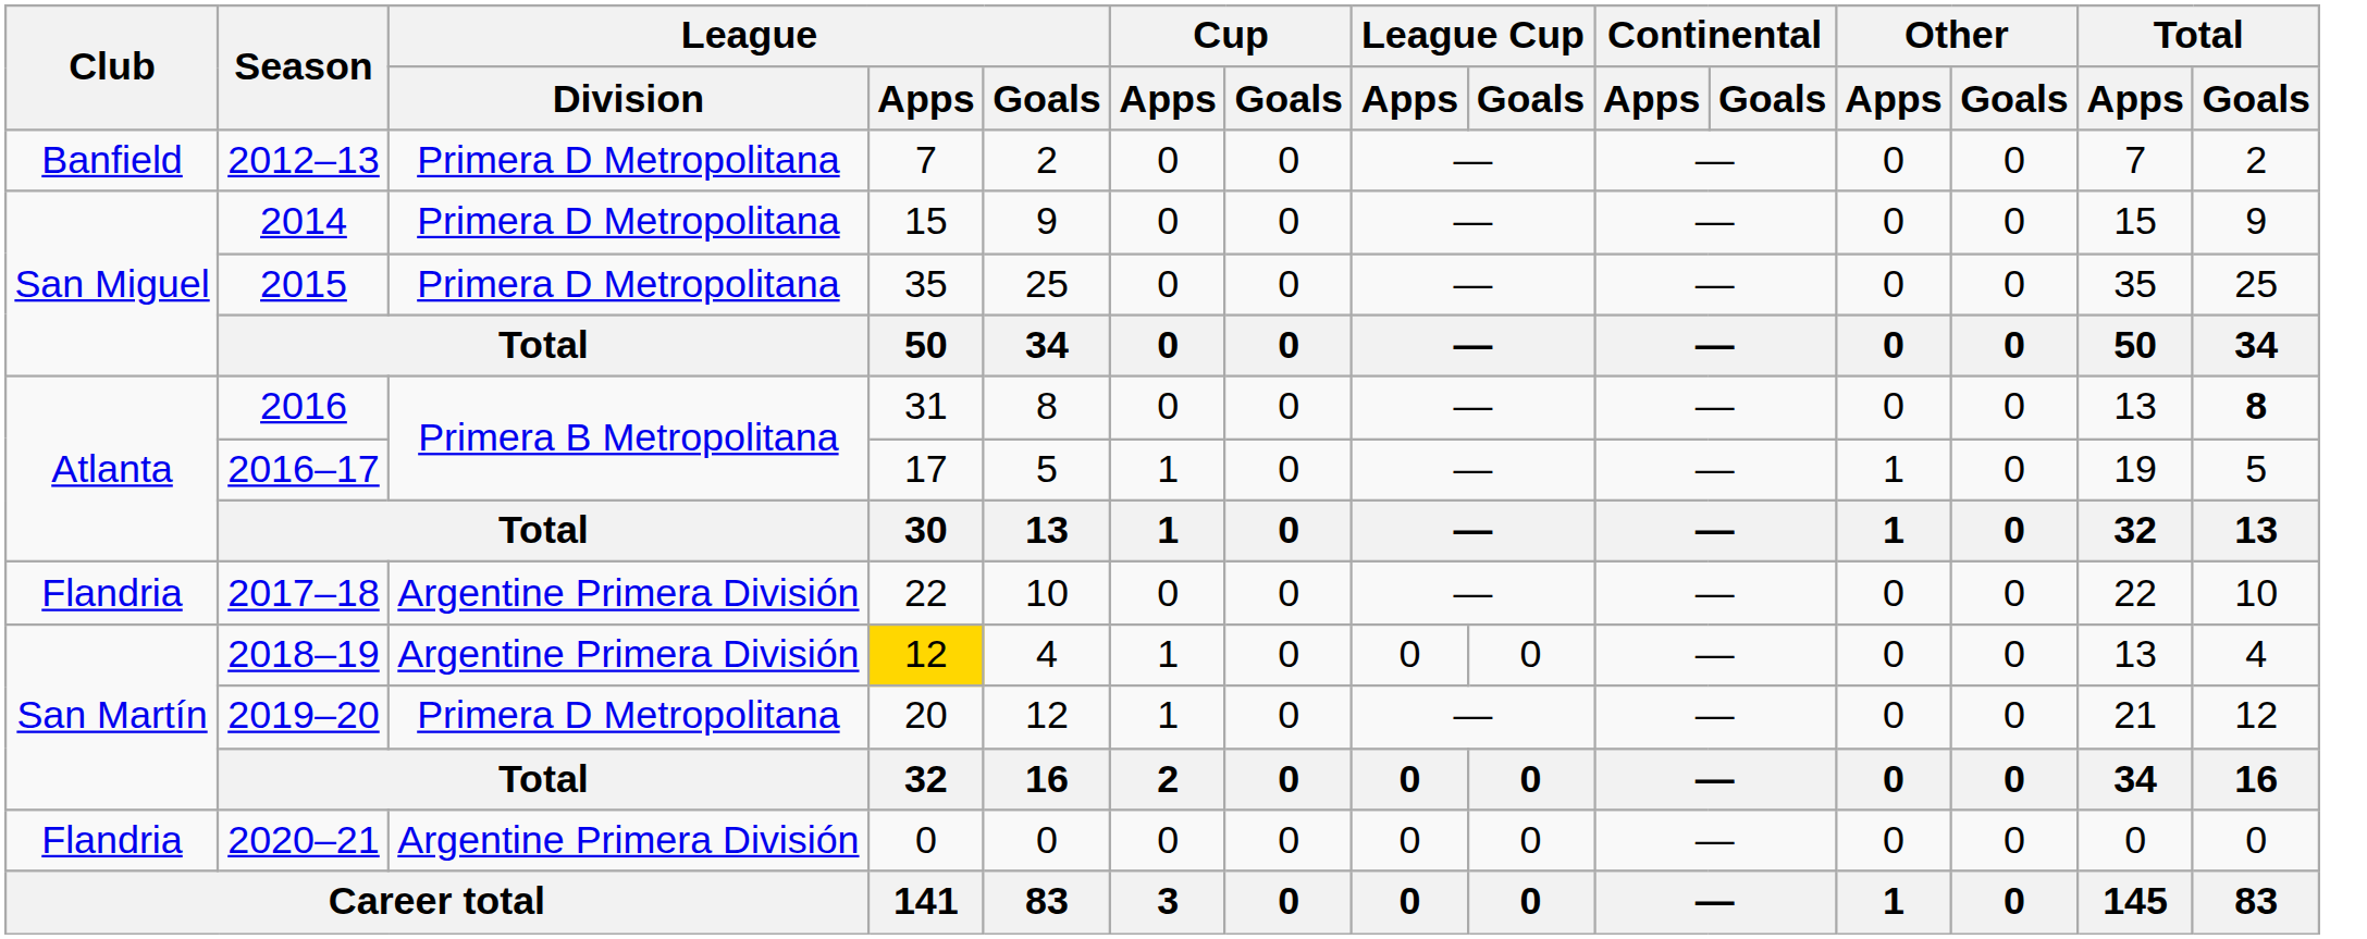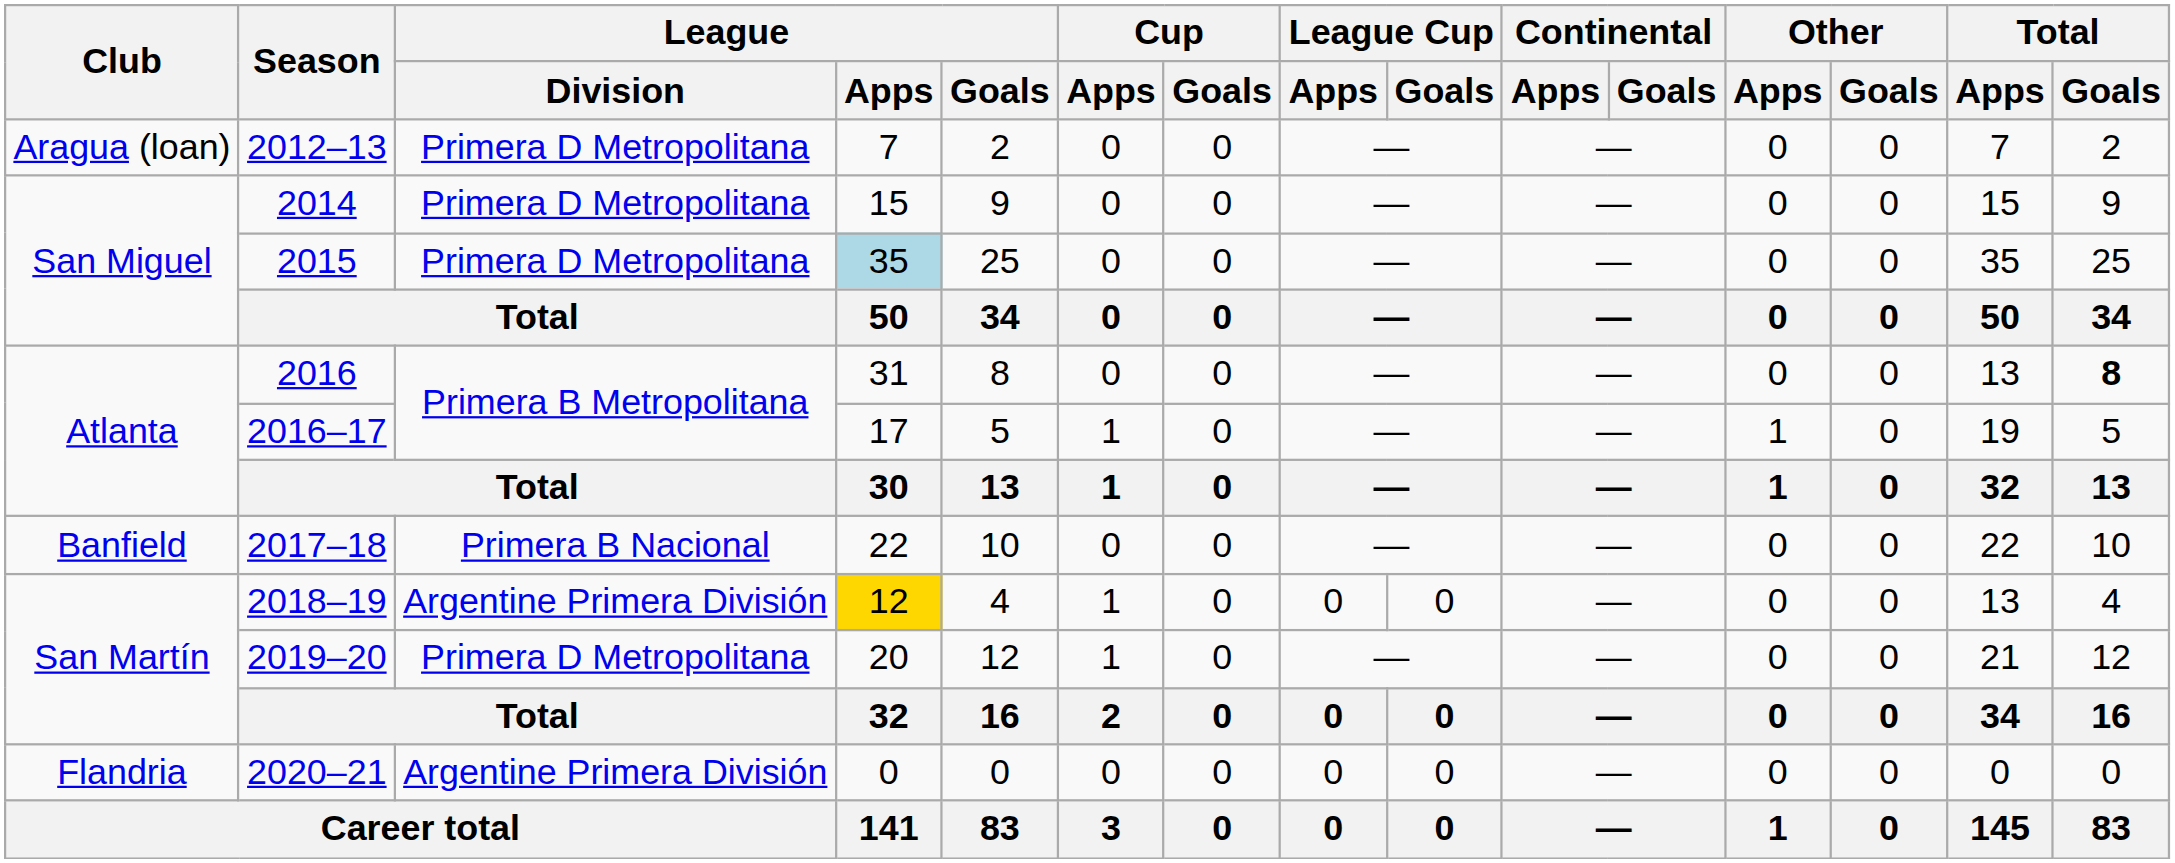 <table class="wikitable" style="text-align:center">
 <tr>
 <th rowspan="2">Club</th>
 <th rowspan="2">Season</th>
 <th colspan="3">League</th>
 <th colspan="2">Cup</th>
 <th colspan="2">League Cup</th>
 <th colspan="2">Continental</th>
 <th colspan="2">Other</th>
 <th colspan="2">Total</th>
 </tr>
 <tr>
 <th>Division</th>
 <th>Apps</th>
 <th>Goals</th>
 <th>Apps</th>
 <th>Goals</th>
 <th>Apps</th>
 <th>Goals</th>
 <th>Apps</th>
 <th>Goals</th>
 <th>Apps</th>
 <th>Goals</th>
 <th>Apps</th>
 <th>Goals</th>
 </tr>
 <tr>
-<td rowspan="1"><a href='#'>Banfield</a></td>
+<td rowspan="1"><a href='#'>Aragua</a> (loan)</td>
 <td><a href='#'>2012–13</a></td>
 <td rowspan="1"><a href='#'>Primera D Metropolitana</a></td>
 <td>7</td>
 <td>2</td>
 <td>0</td>
 <td>0</td>
 <td colspan="2">—</td>
 <td colspan="2">—</td>
 <td>0</td>
 <td>0</td>
 <td>7</td>
 <td>2</td>
 </tr>
 <tr>
 <td rowspan="3"><a href='#'>San Miguel</a></td>
 <td><a href='#'>2014</a></td>
 <td rowspan="1"><a href='#'>Primera D Metropolitana</a></td>
 <td>15</td>
 <td>9</td>
 <td>0</td>
 <td>0</td>
 <td colspan="2">—</td>
 <td colspan="2">—</td>
 <td>0</td>
 <td>0</td>
 <td>15</td>
 <td>9</td>
 </tr>
 <tr>
 <td><a href='#'>2015</a></td>
 <td rowspan="1"><a href='#'>Primera D Metropolitana</a></td>
-<td>35</td>
+<td style="background: lightblue;">35</td>
 <td>25</td>
 <td>0</td>
 <td>0</td>
 <td colspan="2">—</td>
 <td colspan="2">—</td>
 <td>0</td>
 <td>0</td>
 <td>35</td>
 <td>25</td>
 </tr>
 <tr>
 <th colspan="2">Total</th>
 <th>50</th>
 <th>34</th>
 <th>0</th>
 <th>0</th>
 <th colspan="2">—</th>
 <th colspan="2">—</th>
 <th>0</th>
 <th>0</th>
 <th>50</th>
 <th>34</th>
 </tr>
 <tr>
 <td rowspan="3"><a href='#'>Atlanta</a></td>
 <td><a href='#'>2016</a></td>
 <td rowspan="2"><a href='#'>Primera B Metropolitana</a></td>
 <td>31</td>
 <td>8</td>
 <td>0</td>
 <td>0</td>
 <td colspan="2">—</td>
 <td colspan="2">—</td>
 <td>0</td>
 <td>0</td>
 <td>13</td>
 <td><strong>8</strong></td>
 </tr>
 <tr>
 <td><a href='#'>2016–17</a></td>
 <td>17</td>
 <td>5</td>
 <td>1</td>
 <td>0</td>
 <td colspan="2">—</td>
 <td colspan="2">—</td>
 <td>1</td>
 <td>0</td>
 <td>19</td>
 <td>5</td>
 </tr>
 <tr>
 <th colspan="2">Total</th>
 <th>30</th>
 <th>13</th>
 <th>1</th>
 <th>0</th>
 <th colspan="2">—</th>
 <th colspan="2">—</th>
 <th>1</th>
 <th>0</th>
 <th>32</th>
 <th>13</th>
 </tr>
 <tr>
-<td rowspan="1"><a href='#'>Flandria</a></td>
+<td rowspan="1"><a href='#'>Banfield</a></td>
 <td><a href='#'>2017–18</a></td>
-<td rowspan="1"><a href='#'>Argentine Primera División</a></td>
+<td rowspan="1"><a href='#'>Primera B Nacional</a></td>
 <td>22</td>
 <td>10</td>
 <td>0</td>
 <td>0</td>
 <td colspan="2">—</td>
 <td colspan="2">—</td>
 <td>0</td>
 <td>0</td>
 <td>22</td>
 <td>10</td>
 </tr>
 <tr>
 <td rowspan="3"><a href='#'>San Martín</a></td>
 <td><a href='#'>2018–19</a></td>
 <td rowspan="1"><a href='#'>Argentine Primera División</a></td>
 <td style="background: gold;">12</td>
 <td>4</td>
 <td>1</td>
 <td>0</td>
 <td>0</td>
 <td>0</td>
 <td colspan="2">—</td>
 <td>0</td>
 <td>0</td>
 <td>13</td>
 <td>4</td>
 </tr>
 <tr>
 <td><a href='#'>2019–20</a></td>
 <td rowspan="1"><a href='#'>Primera D Metropolitana</a></td>
 <td>20</td>
 <td>12</td>
 <td>1</td>
 <td>0</td>
 <td colspan="2">—</td>
 <td colspan="2">—</td>
 <td>0</td>
 <td>0</td>
 <td>21</td>
 <td>12</td>
 </tr>
 <tr>
 <th colspan="2">Total</th>
 <th>32</th>
 <th>16</th>
 <th>2</th>
 <th>0</th>
 <th>0</th>
 <th>0</th>
 <th colspan="2">—</th>
 <th>0</th>
 <th>0</th>
 <th>34</th>
 <th>16</th>
 </tr>
 <tr>
 <td rowspan="1"><a href='#'>Flandria</a></td>
 <td><a href='#'>2020–21</a></td>
 <td rowspan="1"><a href='#'>Argentine Primera División</a></td>
 <td>0</td>
 <td>0</td>
 <td>0</td>
 <td>0</td>
 <td>0</td>
 <td>0</td>
 <td colspan="2">—</td>
 <td>0</td>
 <td>0</td>
 <td>0</td>
 <td>0</td>
 </tr>
 <tr>
 <th colspan="3">Career total</th>
 <th>141</th>
 <th>83</th>
 <th>3</th>
 <th>0</th>
 <th>0</th>
 <th>0</th>
 <th colspan="2">—</th>
 <th>1</th>
 <th>0</th>
 <th>145</th>
 <th>83</th>
 </tr>
 </table>
